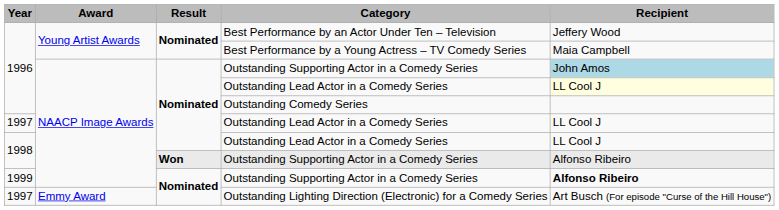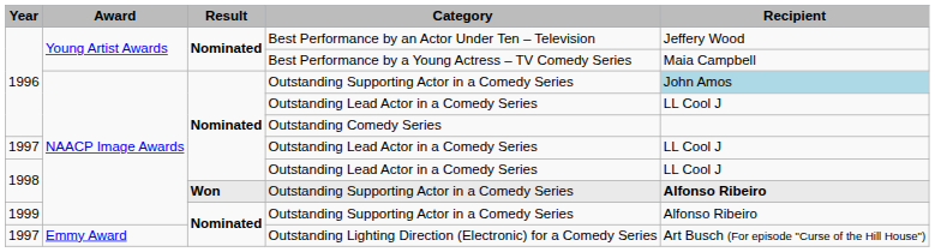 <table class="wikitable">
 <tr style="background:#b0c4de; text-align:center;">
 <th style="background:#bcbcbc;">Year</th>
 <th style="background:#bcbcbc;">Award</th>
 <th style="background:#bcbcbc;">Result</th>
 <th style="background:#bcbcbc;">Category</th>
 <th style="background:#bcbcbc;">Recipient</th>
 </tr>
 <tr>
 <td rowspan=5>1996</td>
 <td rowspan=2><a href='#'>Young Artist Awards</a></td>
 <td rowspan=2><strong>Nominated</strong></td>
 <td>Best Performance by an Actor Under Ten – Television</td>
 <td>Jeffery Wood</td>
 </tr>
 <tr>
 <td>Best Performance by a Young Actress – TV Comedy Series</td>
 <td>Maia Campbell</td>
 </tr>
 <tr>
 <td rowspan=7><a href='#'>NAACP Image Awards</a></td>
 <td rowspan=5><strong>Nominated</strong></td>
 <td>Outstanding Supporting Actor in a Comedy Series</td>
 <td style="background: lightblue;">John Amos</td>
 </tr>
 <tr>
 <td>Outstanding Lead Actor in a Comedy Series</td>
-<td style="background: lightyellow;">LL Cool J</td>
+<td>LL Cool J</td>
 </tr>
 <tr>
 <td>Outstanding Comedy Series</td>
 <td></td>
 </tr>
 <tr>
 <td>1997</td>
 <td>Outstanding Lead Actor in a Comedy Series</td>
 <td>LL Cool J</td>
 </tr>
 <tr>
 <td rowspan=2>1998</td>
 <td>Outstanding Lead Actor in a Comedy Series</td>
 <td>LL Cool J</td>
 </tr>
 <tr style="background:#eaeaea;">
 <td><strong>Won</strong></td>
 <td>Outstanding Supporting Actor in a Comedy Series</td>
-<td>Alfonso Ribeiro</td>
+<td><strong>Alfonso Ribeiro</strong></td>
 </tr>
 <tr>
 <td>1999</td>
 <td rowspan=2><strong>Nominated</strong></td>
 <td>Outstanding Supporting Actor in a Comedy Series</td>
-<td><strong>Alfonso Ribeiro</strong></td>
+<td>Alfonso Ribeiro</td>
 </tr>
 <tr>
 <td>1997</td>
 <td><a href='#'>Emmy Award</a></td>
 <td>Outstanding Lighting Direction (Electronic) for a Comedy Series</td>
 <td>Art Busch <small>(For episode "Curse of the Hill House")</small></td>
 </tr>
 </table>
